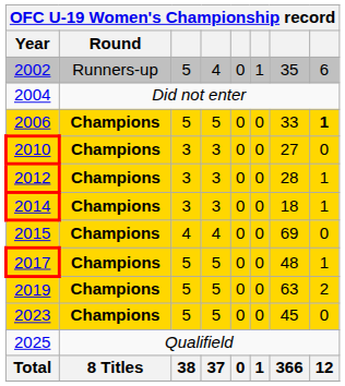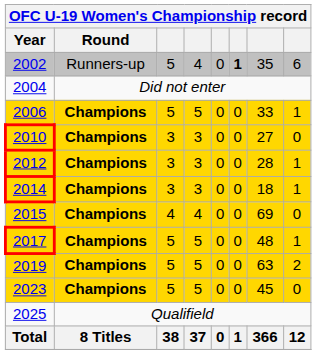 <table class="wikitable" style="text-align: center;">
 <tr>
 <th colspan=10><a href='#'>OFC U-19 Women's Championship</a> record</th>
 </tr>
 <tr>
 <th>Year</th>
 <th>Round</th>
 <th></th>
 <th></th>
 <th></th>
 <th></th>
 <th></th>
 <th></th>
 </tr>
 <tr bgcolor=silver>
 <td> <a href='#'>2002</a></td>
 <td>Runners-up</td>
 <td>5</td>
 <td>4</td>
 <td>0</td>
-<td>1</td>
+<td><strong>1</strong></td>
 <td>35</td>
 <td>6</td>
 </tr>
 <tr>
 <td> <a href='#'>2004</a></td>
 <td colspan=7><em>Did not enter</em></td>
 </tr>
 <tr bgcolor=gold>
 <td> <a href='#'>2006</a></td>
 <td><strong>Champions</strong></td>
 <td>5</td>
 <td>5</td>
 <td>0</td>
 <td>0</td>
 <td>33</td>
-<td><strong>1</strong></td>
+<td>1</td>
 </tr>
 <tr bgcolor=gold>
 <td style="border: 3px solid red"> <a href='#'>2010</a></td>
 <td><strong>Champions</strong></td>
 <td>3</td>
 <td>3</td>
 <td>0</td>
 <td>0</td>
 <td>27</td>
 <td>0</td>
 </tr>
 <tr bgcolor=gold>
 <td style="border: 3px solid red"> <a href='#'>2012</a></td>
 <td><strong>Champions</strong></td>
 <td>3</td>
 <td>3</td>
 <td>0</td>
 <td>0</td>
 <td>28</td>
 <td>1</td>
 </tr>
 <tr bgcolor=gold>
 <td style="border: 3px solid red"> <a href='#'>2014</a></td>
 <td><strong>Champions</strong></td>
 <td>3</td>
 <td>3</td>
 <td>0</td>
 <td>0</td>
 <td>18</td>
 <td>1</td>
 </tr>
 <tr bgcolor=gold>
 <td> <a href='#'>2015</a></td>
 <td><strong>Champions</strong></td>
 <td>4</td>
 <td>4</td>
 <td>0</td>
 <td>0</td>
 <td>69</td>
 <td>0</td>
 </tr>
 <tr bgcolor=gold>
 <td style="border: 3px solid red"> <a href='#'>2017</a></td>
 <td><strong>Champions</strong></td>
 <td>5</td>
 <td>5</td>
 <td>0</td>
 <td>0</td>
 <td>48</td>
 <td>1</td>
 </tr>
 <tr bgcolor=gold>
 <td> <a href='#'>2019</a></td>
 <td><strong>Champions</strong></td>
 <td>5</td>
 <td>5</td>
 <td>0</td>
 <td>0</td>
 <td>63</td>
 <td>2</td>
 </tr>
 <tr bgcolor=gold>
 <td> <a href='#'>2023</a></td>
 <td><strong>Champions</strong></td>
 <td>5</td>
 <td>5</td>
 <td>0</td>
 <td>0</td>
 <td>45</td>
 <td>0</td>
 </tr>
 <tr>
 <td> <a href='#'>2025</a></td>
 <td colspan=7><em>Qualifield</em></td>
 </tr>
 <tr>
 <th>Total</th>
 <th>8 Titles</th>
 <th>38</th>
 <th>37</th>
 <th>0</th>
 <th>1</th>
 <th>366</th>
 <th>12</th>
 </tr>
 <tr>
 </tr>
 </table>
